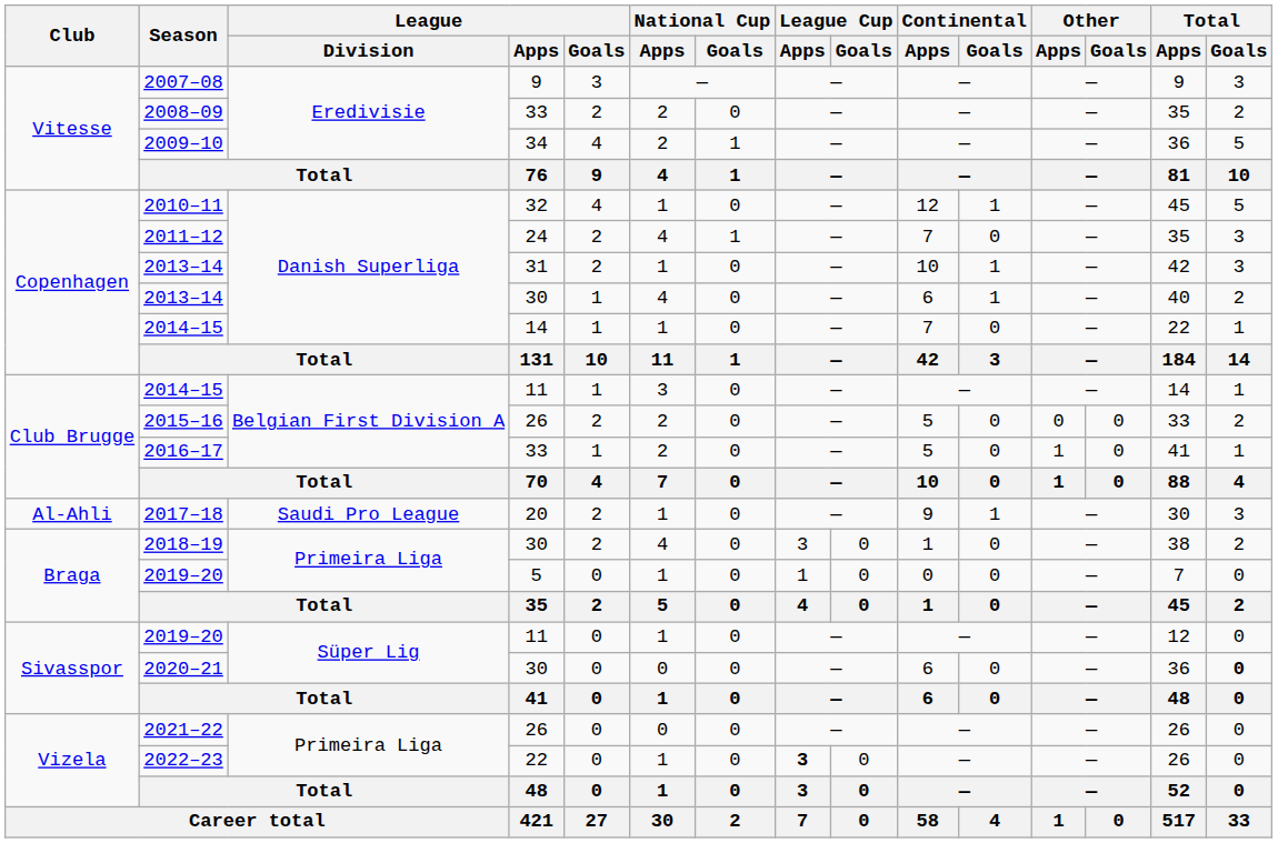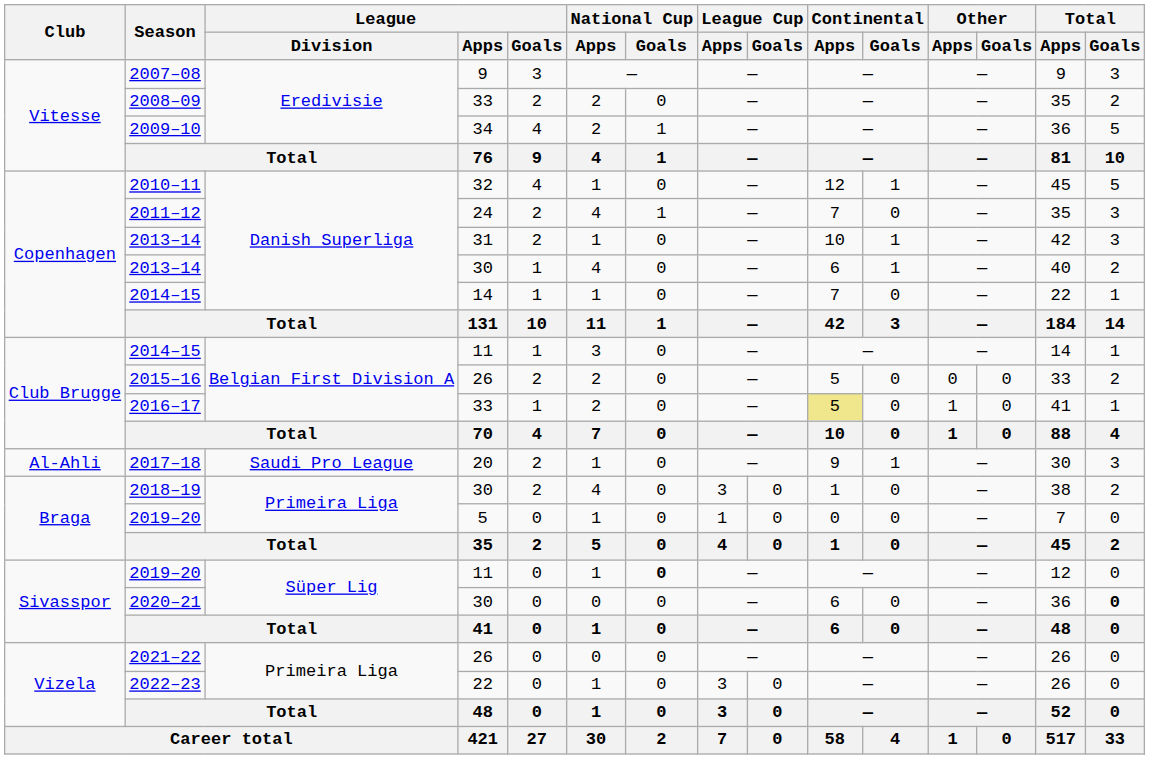 <table class="wikitable" style="text-align:center">
 <tr>
 <th rowspan="2">Club</th>
 <th rowspan="2">Season</th>
 <th colspan="3">League</th>
 <th colspan="2">National Cup</th>
 <th colspan="2">League Cup</th>
 <th colspan="2">Continental</th>
 <th colspan="2">Other</th>
 <th colspan="2">Total</th>
 </tr>
 <tr>
 <th>Division</th>
 <th>Apps</th>
 <th>Goals</th>
 <th>Apps</th>
 <th>Goals</th>
 <th>Apps</th>
 <th>Goals</th>
 <th>Apps</th>
 <th>Goals</th>
 <th>Apps</th>
 <th>Goals</th>
 <th>Apps</th>
 <th>Goals</th>
 </tr>
 <tr>
 <td rowspan="4"><a href='#'>Vitesse</a></td>
 <td><a href='#'>2007–08</a></td>
 <td rowspan="3"><a href='#'>Eredivisie</a></td>
 <td>9</td>
 <td>3</td>
 <td colspan="2">—</td>
 <td colspan="2">—</td>
 <td colspan="2">—</td>
 <td colspan="2">—</td>
 <td>9</td>
 <td>3</td>
 </tr>
 <tr>
 <td><a href='#'>2008–09</a></td>
 <td>33</td>
 <td>2</td>
 <td>2</td>
 <td>0</td>
 <td colspan="2">—</td>
 <td colspan="2">—</td>
 <td colspan="2">—</td>
 <td>35</td>
 <td>2</td>
 </tr>
 <tr>
 <td><a href='#'>2009–10</a></td>
 <td>34</td>
 <td>4</td>
 <td>2</td>
 <td>1</td>
 <td colspan="2">—</td>
 <td colspan="2">—</td>
 <td colspan="2">—</td>
 <td>36</td>
 <td>5</td>
 </tr>
 <tr>
 <th colspan="2">Total</th>
 <th>76</th>
 <th>9</th>
 <th>4</th>
 <th>1</th>
 <th colspan="2">—</th>
 <th colspan="2">—</th>
 <th colspan="2">—</th>
 <th>81</th>
 <th>10</th>
 </tr>
 <tr>
 <td rowspan="6"><a href='#'>Copenhagen</a></td>
 <td><a href='#'>2010–11</a></td>
 <td rowspan="5"><a href='#'>Danish Superliga</a></td>
 <td>32</td>
 <td>4</td>
 <td>1</td>
 <td>0</td>
 <td colspan="2">—</td>
 <td>12</td>
 <td>1</td>
 <td colspan="2">—</td>
 <td>45</td>
 <td>5</td>
 </tr>
 <tr>
 <td><a href='#'>2011–12</a></td>
 <td>24</td>
 <td>2</td>
 <td>4</td>
 <td>1</td>
 <td colspan="2">—</td>
 <td>7</td>
 <td>0</td>
 <td colspan="2">—</td>
 <td>35</td>
 <td>3</td>
 </tr>
 <tr>
 <td><a href='#'>2013–14</a></td>
 <td>31</td>
 <td>2</td>
 <td>1</td>
 <td>0</td>
 <td colspan="2">—</td>
 <td>10</td>
 <td>1</td>
 <td colspan="2">—</td>
 <td>42</td>
 <td>3</td>
 </tr>
 <tr>
 <td><a href='#'>2013–14</a></td>
 <td>30</td>
 <td>1</td>
 <td>4</td>
 <td>0</td>
 <td colspan="2">—</td>
 <td>6</td>
 <td>1</td>
 <td colspan="2">—</td>
 <td>40</td>
 <td>2</td>
 </tr>
 <tr>
 <td><a href='#'>2014–15</a></td>
 <td>14</td>
 <td>1</td>
 <td>1</td>
 <td>0</td>
 <td colspan="2">—</td>
 <td>7</td>
 <td>0</td>
 <td colspan="2">—</td>
 <td>22</td>
 <td>1</td>
 </tr>
 <tr>
 <th colspan="2">Total</th>
 <th>131</th>
 <th>10</th>
 <th>11</th>
 <th>1</th>
 <th colspan="2">—</th>
 <th>42</th>
 <th>3</th>
 <th colspan="2">—</th>
 <th>184</th>
 <th>14</th>
 </tr>
 <tr>
 <td rowspan="4"><a href='#'>Club Brugge</a></td>
 <td><a href='#'>2014–15</a></td>
 <td rowspan="3"><a href='#'>Belgian First Division A</a></td>
 <td>11</td>
 <td>1</td>
 <td>3</td>
 <td>0</td>
 <td colspan="2">—</td>
 <td colspan="2">—</td>
 <td colspan="2">—</td>
 <td>14</td>
 <td>1</td>
 </tr>
 <tr>
 <td><a href='#'>2015–16</a></td>
 <td>26</td>
 <td>2</td>
 <td>2</td>
 <td>0</td>
 <td colspan="2">—</td>
 <td>5</td>
 <td>0</td>
 <td>0</td>
 <td>0</td>
 <td>33</td>
 <td>2</td>
 </tr>
 <tr>
 <td><a href='#'>2016–17</a></td>
 <td>33</td>
 <td>1</td>
 <td>2</td>
 <td>0</td>
 <td colspan="2">—</td>
-<td>5</td>
+<td style="background: khaki;">5</td>
 <td>0</td>
 <td>1</td>
 <td>0</td>
 <td>41</td>
 <td>1</td>
 </tr>
 <tr>
 <th colspan="2">Total</th>
 <th>70</th>
 <th>4</th>
 <th>7</th>
 <th>0</th>
 <th colspan="2">—</th>
 <th>10</th>
 <th>0</th>
 <th>1</th>
 <th>0</th>
 <th>88</th>
 <th>4</th>
 </tr>
 <tr>
 <td><a href='#'>Al-Ahli</a></td>
 <td><a href='#'>2017–18</a></td>
 <td><a href='#'>Saudi Pro League</a></td>
 <td>20</td>
 <td>2</td>
 <td>1</td>
 <td>0</td>
 <td colspan="2">—</td>
 <td>9</td>
 <td>1</td>
 <td colspan="2">—</td>
 <td>30</td>
 <td>3</td>
 </tr>
 <tr>
 <td rowspan="3"><a href='#'>Braga</a></td>
 <td><a href='#'>2018–19</a></td>
 <td rowspan="2"><a href='#'>Primeira Liga</a></td>
 <td>30</td>
 <td>2</td>
 <td>4</td>
 <td>0</td>
 <td>3</td>
 <td>0</td>
 <td>1</td>
 <td>0</td>
 <td colspan="2">—</td>
 <td>38</td>
 <td>2</td>
 </tr>
 <tr>
 <td><a href='#'>2019–20</a></td>
 <td>5</td>
 <td>0</td>
 <td>1</td>
 <td>0</td>
 <td>1</td>
 <td>0</td>
 <td>0</td>
 <td>0</td>
 <td colspan="2">—</td>
 <td>7</td>
 <td>0</td>
 </tr>
 <tr>
 <th colspan="2">Total</th>
 <th>35</th>
 <th>2</th>
 <th>5</th>
 <th>0</th>
 <th>4</th>
 <th>0</th>
 <th>1</th>
 <th>0</th>
 <th colspan="2">—</th>
 <th>45</th>
 <th>2</th>
 </tr>
 <tr>
 <td rowspan="3"><a href='#'>Sivasspor</a></td>
 <td><a href='#'>2019–20</a></td>
 <td rowspan="2"><a href='#'>Süper Lig</a></td>
 <td>11</td>
 <td>0</td>
 <td>1</td>
-<td>0</td>
+<td><strong>0</strong></td>
 <td colspan="2">—</td>
 <td colspan="2">—</td>
 <td colspan="2">—</td>
 <td>12</td>
 <td>0</td>
 </tr>
 <tr>
 <td><a href='#'>2020–21</a></td>
 <td>30</td>
 <td>0</td>
 <td>0</td>
 <td>0</td>
 <td colspan="2">—</td>
 <td>6</td>
 <td>0</td>
 <td colspan="2">—</td>
 <td>36</td>
 <td><strong>0</strong></td>
 </tr>
 <tr>
 <th colspan="2">Total</th>
 <th>41</th>
 <th>0</th>
 <th>1</th>
 <th>0</th>
 <th colspan="2">—</th>
 <th>6</th>
 <th>0</th>
 <th colspan="2">—</th>
 <th>48</th>
 <th>0</th>
 </tr>
 <tr>
 <td rowspan="3"><a href='#'>Vizela</a></td>
 <td><a href='#'>2021–22</a></td>
 <td rowspan="2">Primeira Liga</td>
 <td>26</td>
 <td>0</td>
 <td>0</td>
 <td>0</td>
 <td colspan="2">—</td>
 <td colspan="2">—</td>
 <td colspan="2">—</td>
 <td>26</td>
 <td>0</td>
 </tr>
 <tr>
 <td><a href='#'>2022–23</a></td>
 <td>22</td>
 <td>0</td>
 <td>1</td>
 <td>0</td>
-<td><strong>3</strong></td>
+<td>3</td>
 <td>0</td>
 <td colspan="2">—</td>
 <td colspan="2">—</td>
 <td>26</td>
 <td>0</td>
 </tr>
 <tr>
 <th colspan="2">Total</th>
 <th>48</th>
 <th>0</th>
 <th>1</th>
 <th>0</th>
 <th>3</th>
 <th>0</th>
 <th colspan="2">—</th>
 <th colspan="2">—</th>
 <th>52</th>
 <th>0</th>
 </tr>
 <tr>
 <th colspan="3">Career total</th>
 <th>421</th>
 <th>27</th>
 <th>30</th>
 <th>2</th>
 <th>7</th>
 <th>0</th>
 <th>58</th>
 <th>4</th>
 <th>1</th>
 <th>0</th>
 <th>517</th>
 <th>33</th>
 </tr>
 </table>
